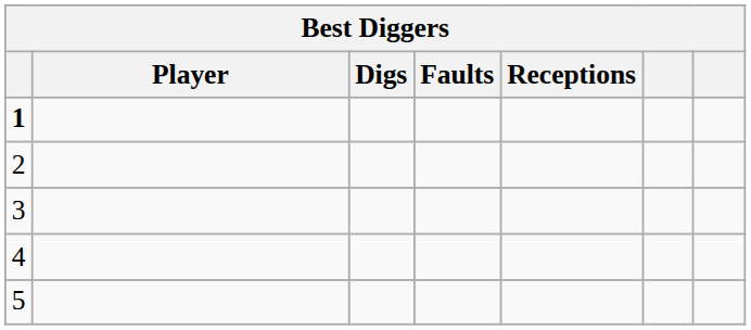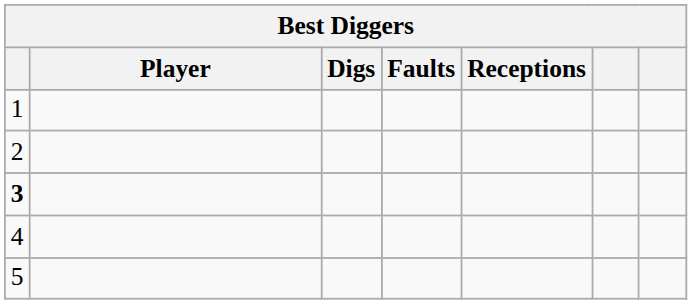 <table class="wikitable sortable" style=font-size:90%>
 <tr>
 <th colspan=7>Best Diggers</th>
 </tr>
 <tr>
 <th></th>
 <th width=158>Player</th>
 <th width=20>Digs</th>
 <th width=20>Faults</th>
 <th width=20>Receptions</th>
 <th width=20></th>
 <th width=20></th>
 </tr>
 <tr>
-<td align=center><strong>1</strong></td>
+<td align=center>1</td>
 <td></td>
 <td align=center></td>
 <td align=center></td>
 <td align=center></td>
 <td align=center></td>
 <td align=center></td>
 </tr>
 <tr>
 <td align=center>2</td>
 <td></td>
 <td align=center></td>
 <td align=center></td>
 <td align=center></td>
 <td align=center></td>
 <td align=center></td>
 </tr>
 <tr>
-<td align=center>3</td>
+<td align=center><strong>3</strong></td>
 <td></td>
 <td align=center></td>
 <td align=center></td>
 <td align=center></td>
 <td align=center></td>
 <td align=center></td>
 </tr>
 <tr>
 <td align=center>4</td>
 <td></td>
 <td align=center></td>
 <td align=center></td>
 <td align=center></td>
 <td align=center></td>
 <td align=center></td>
 </tr>
 <tr>
 <td align=center>5</td>
 <td></td>
 <td align=center></td>
 <td align=center></td>
 <td align=center></td>
 <td align=center></td>
 <td align=center></td>
 </tr>
 </table>
